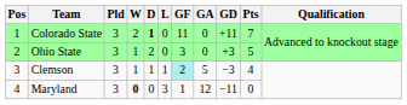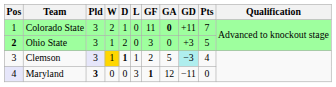 <table class="wikitable" style="text-align:center">
 <tr>
 <th>Pos</th>
 <th>Team</th>
 <th>Pld</th>
 <th>W</th>
 <th>D</th>
 <th>L</th>
 <th>GF</th>
 <th>GA</th>
 <th>GD</th>
 <th>Pts</th>
 <th>Qualification</th>
 </tr>
 <tr bgcolor="#9eff9e">
 <td>1</td>
 <td style="text-align:left">Colorado State</td>
 <td>3</td>
 <td>2</td>
-<td><strong>1</strong></td>
+<td>1</td>
 <td>0</td>
 <td>11</td>
-<td>0</td>
+<td><strong>0</strong></td>
 <td>+11</td>
 <td>7</td>
 <td rowspan="2">Advanced to knockout stage</td>
 </tr>
 <tr bgcolor="#9eff9e">
-<td>2</td>
+<td><strong>2</strong></td>
 <td style="text-align:left">Ohio State</td>
 <td>3</td>
 <td>1</td>
 <td>2</td>
 <td>0</td>
 <td>3</td>
 <td>0</td>
 <td>+3</td>
 <td>5</td>
 </tr>
 <tr>
 <td>3</td>
 <td style="text-align:left">Clemson</td>
-<td>3</td>
+<td style="background: lavender;">3</td>
+<td style="background: gold;">1</td>
+<td><strong>1</strong></td>
 <td>1</td>
-<td>1</td>
-<td>1</td>
-<td style="background: paleturquoise;">2</td>
+<td>2</td>
 <td>5</td>
-<td>−3</td>
+<td style="background: paleturquoise;">−3</td>
 <td>4</td>
 <td rowspan="2"></td>
 </tr>
 <tr>
-<td>4</td>
+<td style="background: lavender;">4</td>
 <td style="text-align:left">Maryland</td>
-<td>3</td>
-<td><strong>0</strong></td>
+<td><strong>3</strong></td>
+<td>0</td>
 <td>0</td>
 <td>3</td>
-<td>1</td>
+<td><strong>1</strong></td>
 <td>12</td>
 <td>−11</td>
 <td>0</td>
 </tr>
 </table>
